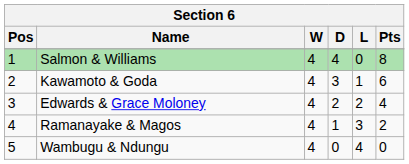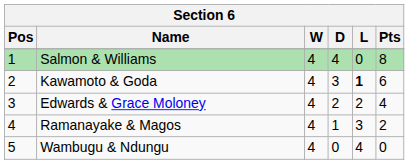 <table class="wikitable">
 <tr>
 <th colspan="6">Section 6</th>
 </tr>
 <tr>
 <th width=30>Pos</th>
 <th width=300>Name</th>
 <th width=20>W</th>
 <th width=20>D</th>
 <th width=20>L</th>
 <th width=20>Pts</th>
 </tr>
 <tr>
 </tr>
 <tr style="background:#ACE1AF;">
 <td>1</td>
 <td> Salmon & Williams</td>
 <td>4</td>
 <td>4</td>
 <td>0</td>
 <td>8</td>
 </tr>
 <tr>
 <td>2</td>
 <td> Kawamoto & Goda</td>
 <td>4</td>
 <td>3</td>
-<td>1</td>
+<td><strong>1</strong></td>
 <td>6</td>
 </tr>
 <tr>
 <td>3</td>
 <td> Edwards &  <a href='#'>Grace Moloney</a></td>
 <td>4</td>
 <td>2</td>
 <td>2</td>
 <td>4</td>
 </tr>
 <tr>
 <td>4</td>
 <td> Ramanayake & Magos</td>
 <td>4</td>
 <td>1</td>
 <td>3</td>
 <td>2</td>
 </tr>
 <tr>
 <td>5</td>
 <td>  Wambugu & Ndungu</td>
 <td>4</td>
 <td>0</td>
 <td>4</td>
 <td>0</td>
 </tr>
 </table>
